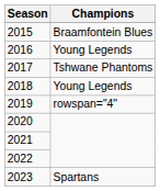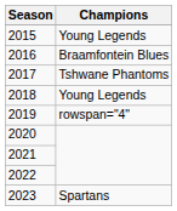 <table class="wikitable">
 <tr>
 <th>Season</th>
 <th>Champions</th>
 </tr>
 <tr>
 </tr>
 <tr>
 <td>2015</td>
-<td>Braamfontein Blues</td>
+<td>Young Legends</td>
 </tr>
 <tr>
 <td>2016</td>
-<td>Young Legends</td>
+<td>Braamfontein Blues</td>
 </tr>
 <tr>
 <td>2017</td>
 <td>Tshwane Phantoms</td>
 </tr>
 <tr>
 <td>2018</td>
 <td>Young Legends</td>
 </tr>
 <tr>
 <td>2019</td>
 <td>rowspan="4" </td>
 </tr>
 <tr>
 <td>2020</td>
 </tr>
 <tr>
 <td>2021</td>
 </tr>
 <tr>
 <td>2022</td>
 </tr>
 <tr>
 <td>2023</td>
 <td>Spartans</td>
 </tr>
 </table>
